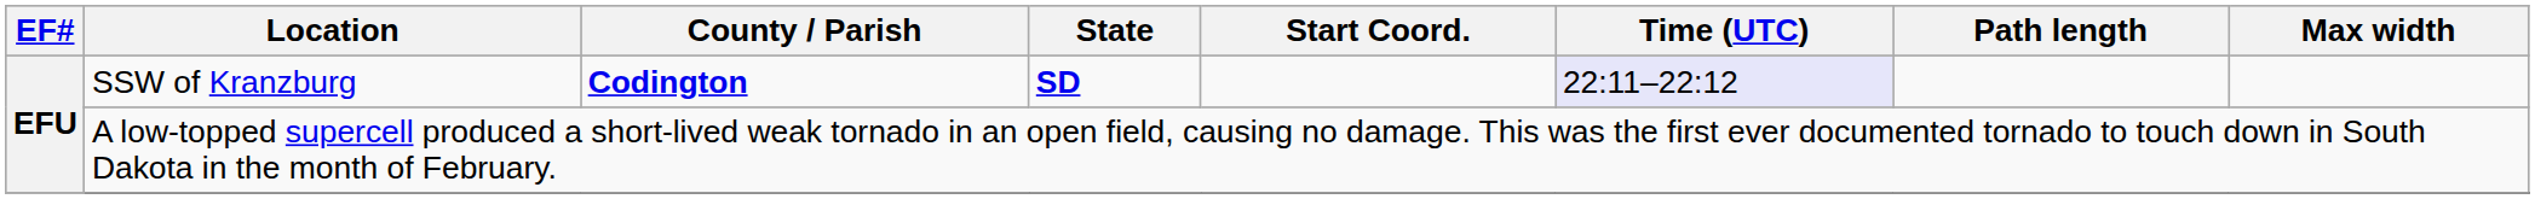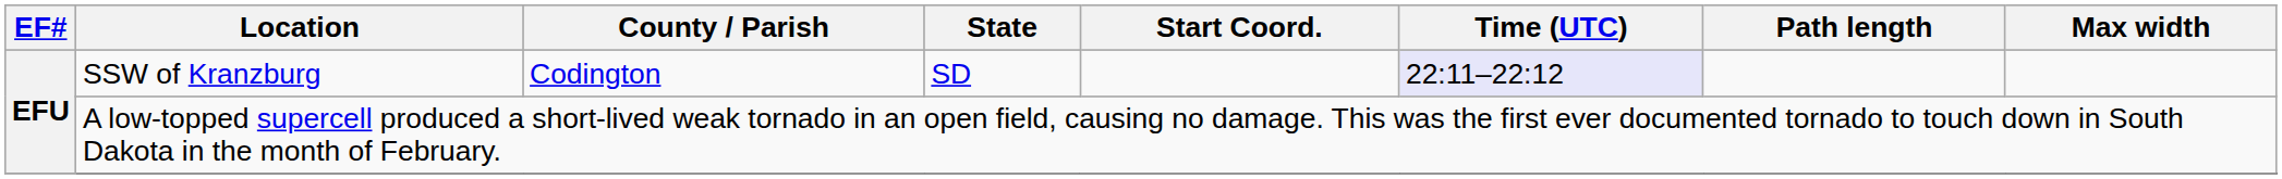 <table class="wikitable sortable" style="width:100%;">
 <tr>
 <th scope="col" width="2%" align="center"><a href='#'>EF#</a></th>
 <th scope="col" align="center" class="unsortable">Location</th>
 <th scope="col" align="center" class="unsortable">County / Parish</th>
 <th scope="col" align="center">State</th>
 <th scope="col" align="center">Start Coord.</th>
 <th scope="col" align="center">Time (<a href='#'>UTC</a>)</th>
 <th scope="col" align="center">Path length</th>
 <th scope="col" align="center">Max width</th>
 </tr>
 <tr>
 <th scope="row" rowspan="2" style="background-color:#">EFU</th>
 <td>SSW of <a href='#'>Kranzburg</a></td>
-<td><strong><a href='#'>Codington</a></strong></td>
-<td><strong><a href='#'>SD</a></strong></td>
+<td><a href='#'>Codington</a></td>
+<td><a href='#'>SD</a></td>
 <td></td>
 <td style="background: lavender;">22:11–22:12</td>
 <td></td>
 <td></td>
 </tr>
 <tr class="expand-child">
 <td colspan="8" style=" border-bottom: 1px solid black;">A low-topped <a href='#'>supercell</a> produced a short-lived weak tornado in an open field, causing no damage. This was the first ever documented tornado to touch down in South Dakota in the month of February.</td>
 </tr>
 <tr>
 </tr>
 </table>
